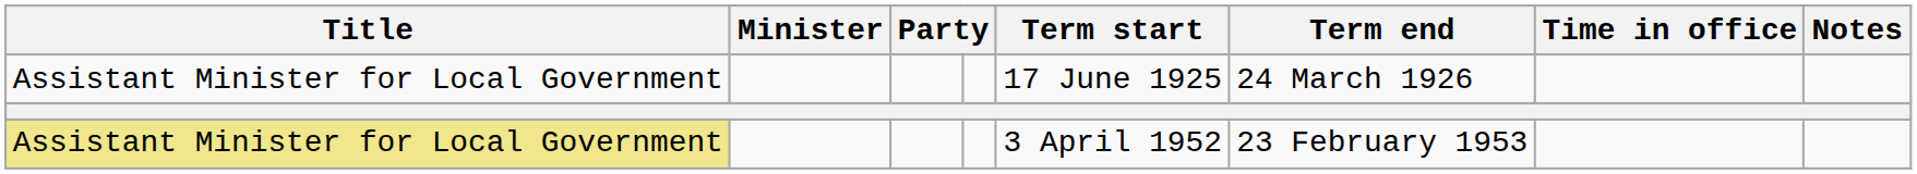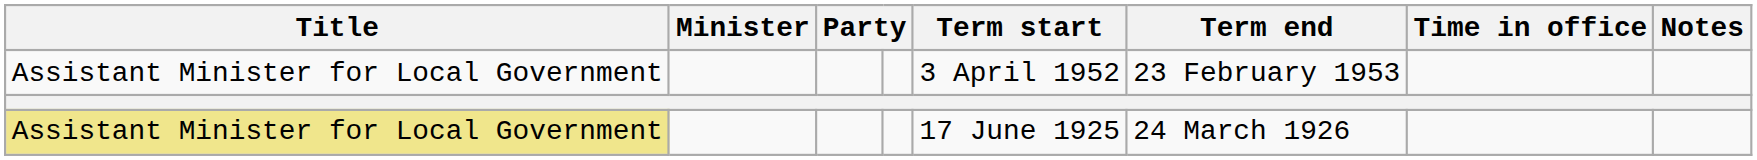 <table class="wikitable">
 <tr>
 <th>Title</th>
 <th>Minister</th>
 <th colspan="2">Party</th>
 <th>Term start</th>
 <th>Term end</th>
 <th>Time in office</th>
 <th class="unsortable">Notes</th>
 </tr>
 <tr>
 <td>Assistant Minister for Local Government</td>
 <td></td>
 <td> </td>
 <td></td>
-<td>17 June 1925</td>
-<td>24 March 1926</td>
+<td>3 April 1952</td>
+<td>23 February 1953</td>
 <td align=right></td>
 <td></td>
 </tr>
 <tr>
 <th colspan="9"></th>
 </tr>
 <tr>
 <td style="background: khaki;">Assistant Minister for Local Government</td>
 <td></td>
 <td> </td>
 <td></td>
-<td>3 April 1952</td>
-<td>23 February 1953</td>
+<td>17 June 1925</td>
+<td>24 March 1926</td>
 <td align=right></td>
 <td></td>
 </tr>
 </table>
